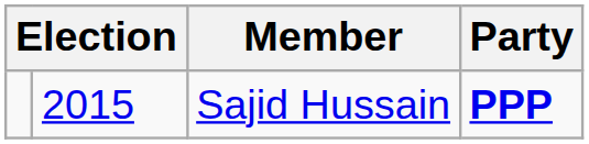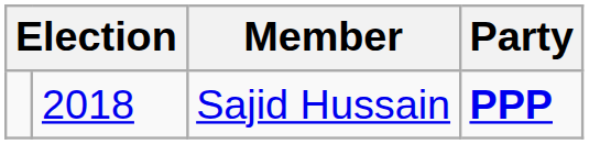 <table class="wikitable">
 <tr>
 <th colspan="2">Election</th>
 <th>Member</th>
 <th>Party</th>
 </tr>
 <tr>
 <td style="background-color: "></td>
-<td><a href='#'>2015</a></td>
+<td><a href='#'>2018</a></td>
 <td><a href='#'>Sajid Hussain</a></td>
 <td><strong><a href='#'>PPP</a></strong></td>
 </tr>
 </table>
